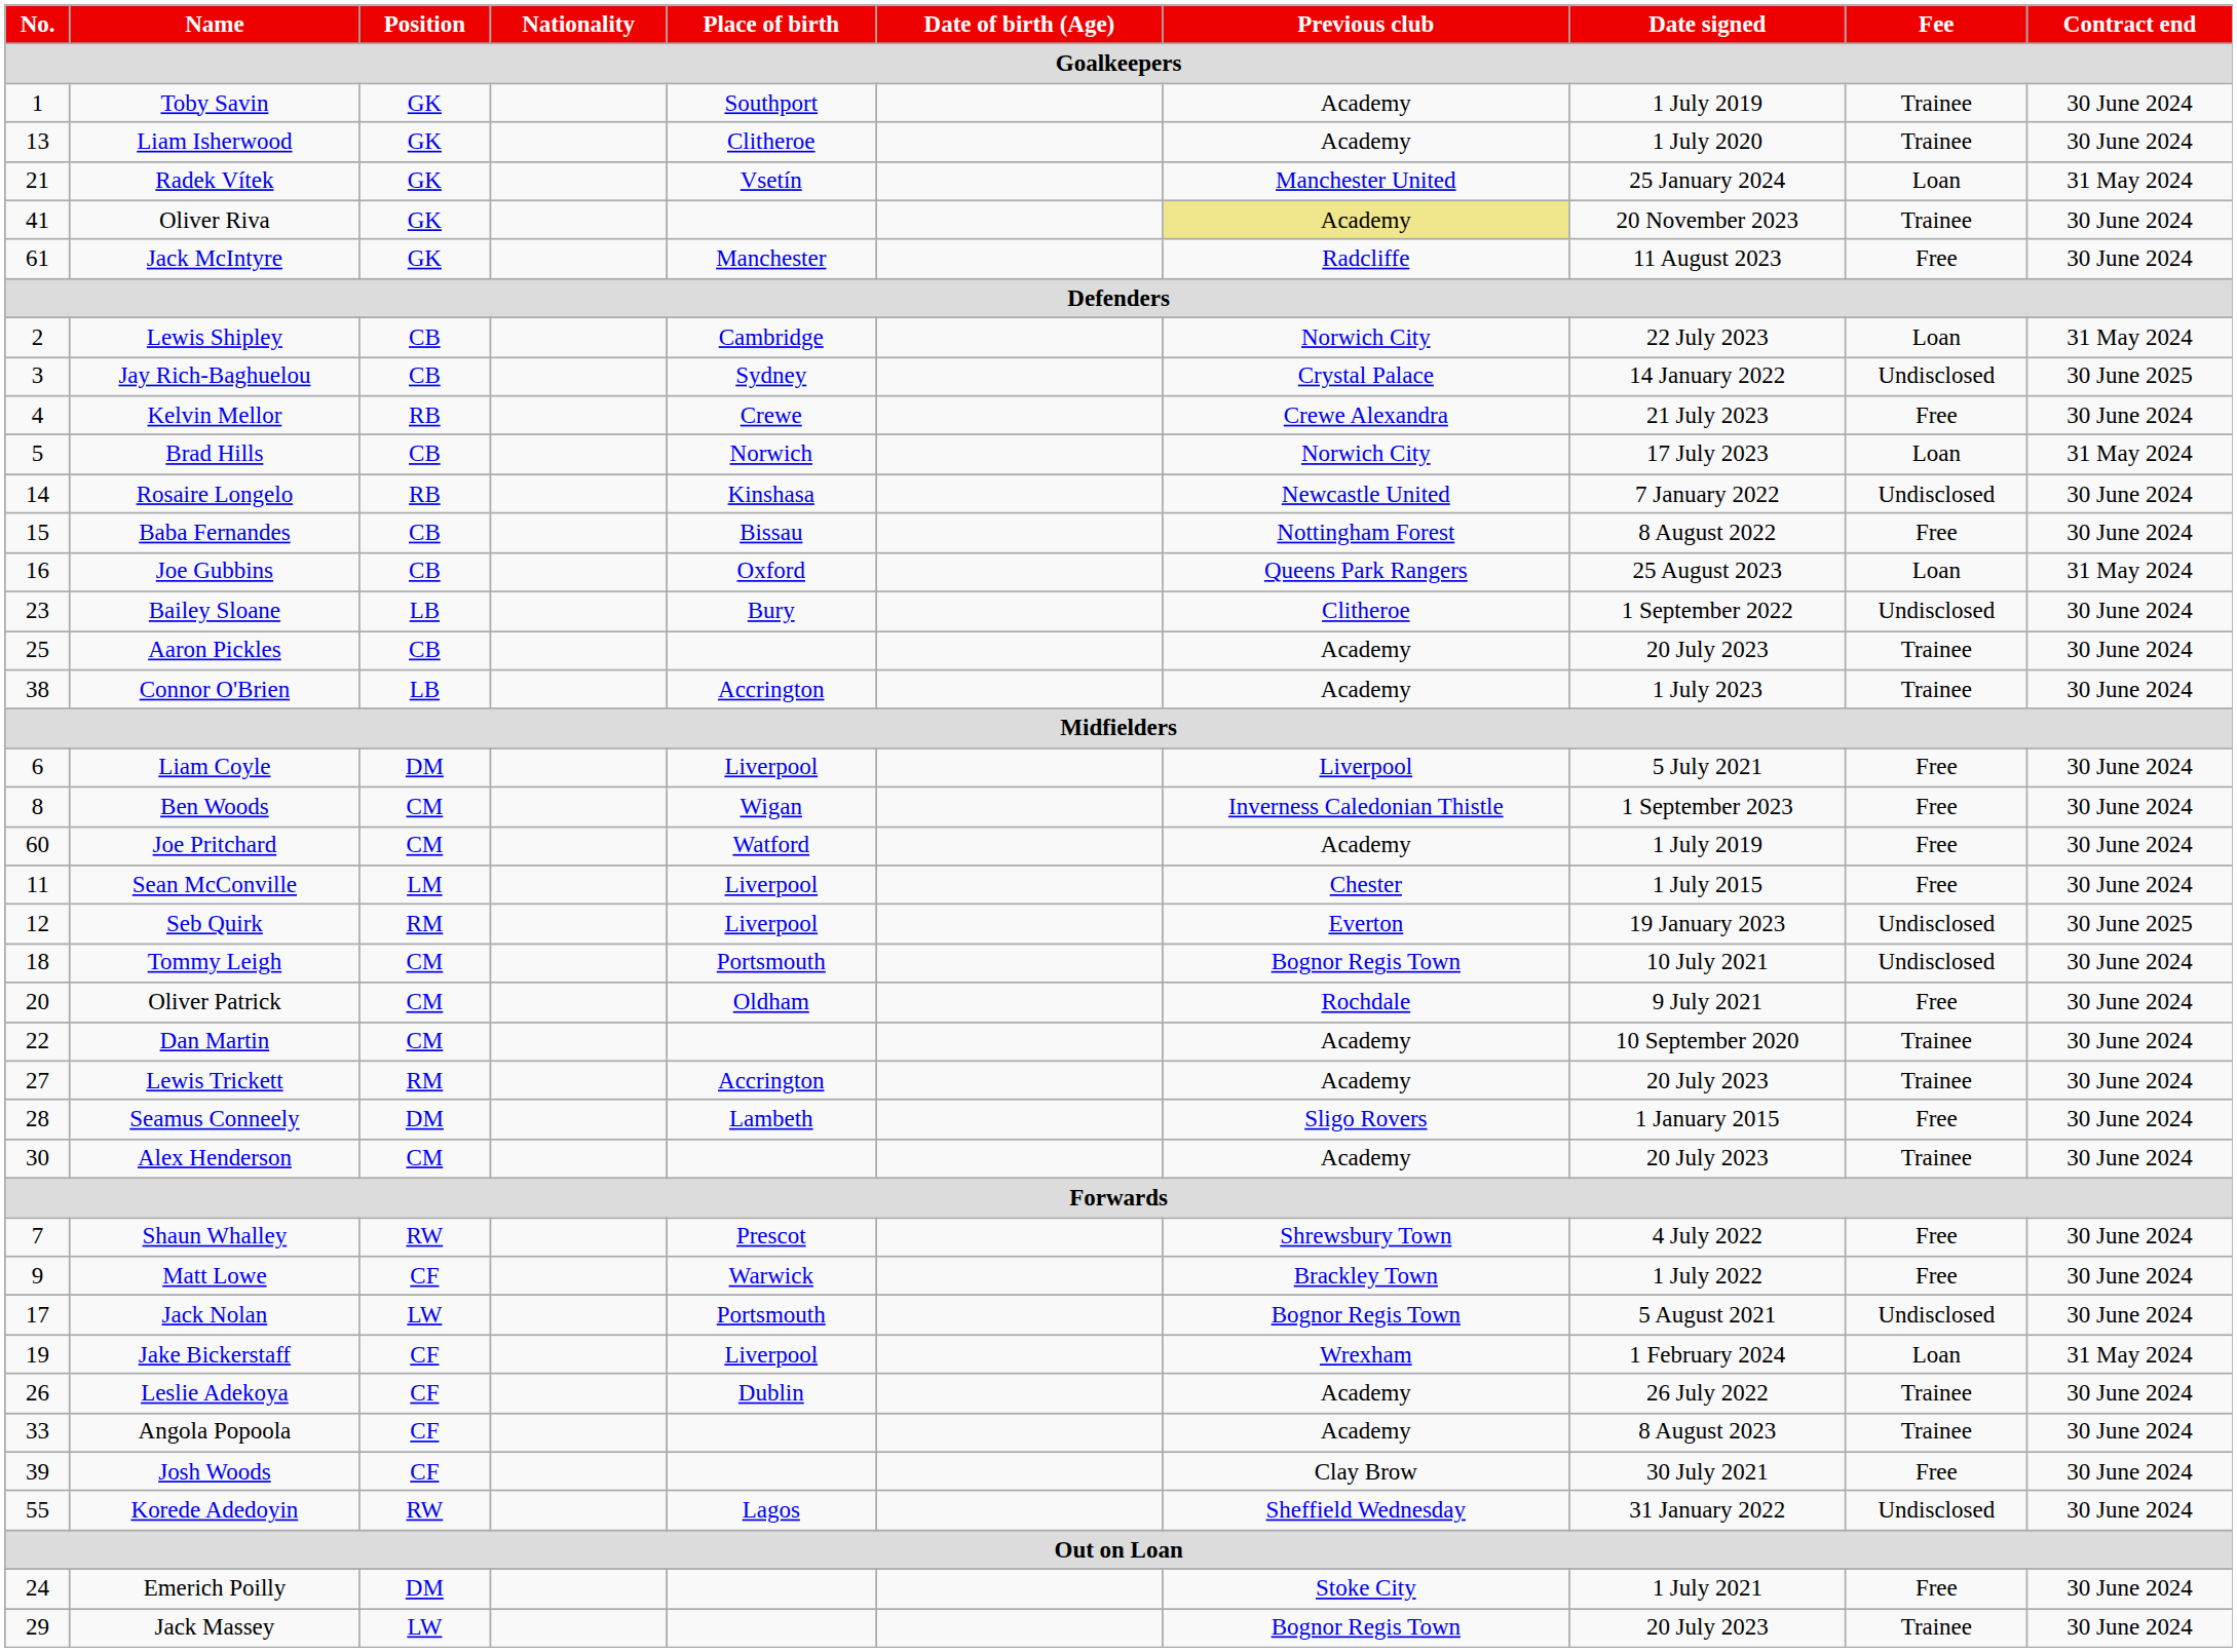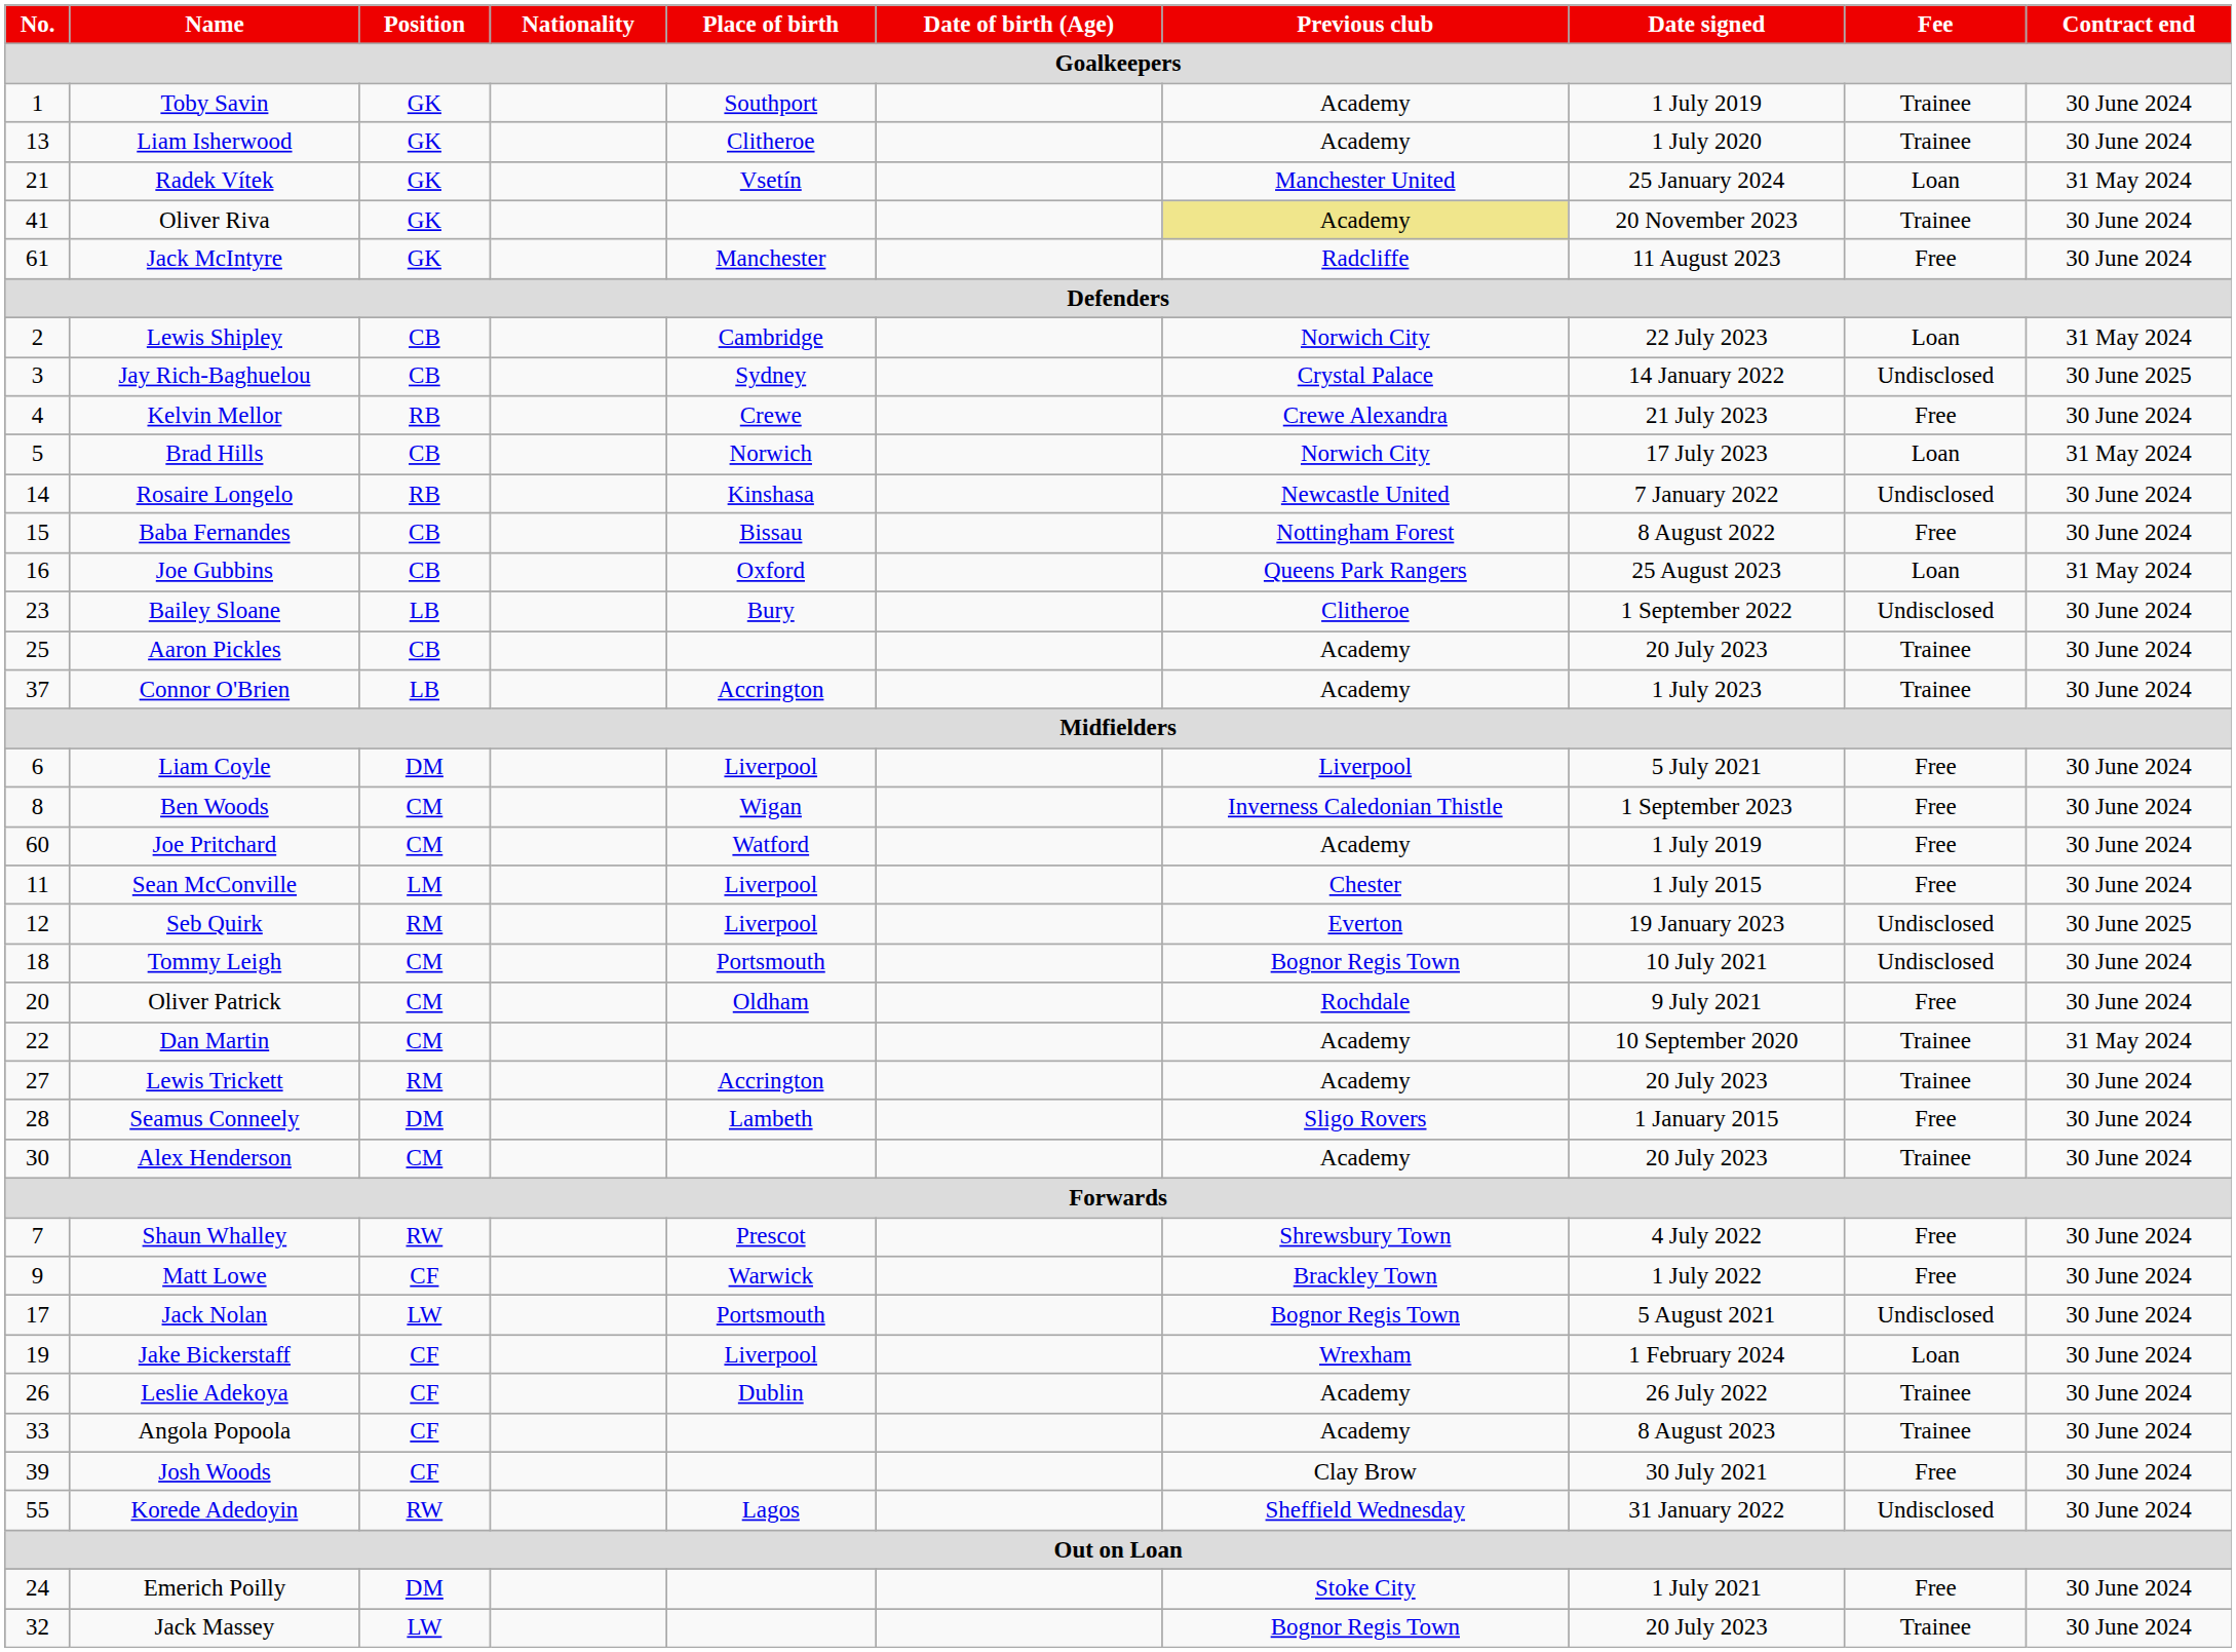 <table class="wikitable" style="text-align:center; font-size:84.5%; width:101%;">
 <tr>
 <th style="color:white; background:#E00; text-align:center;">No.</th>
 <th style="color:white; background:#E00; text-align:center;">Name</th>
 <th style="color:white; background:#E00; text-align:center;">Position</th>
 <th style="color:white; background:#E00; text-align:center;">Nationality</th>
 <th style="color:white; background:#E00; text-align:center;">Place of birth</th>
 <th style="color:white; background:#E00; text-align:center;">Date of birth (Age)</th>
 <th style="color:white; background:#E00; text-align:center;">Previous club</th>
 <th style="color:white; background:#E00; text-align:center;">Date signed</th>
 <th style="color:white; background:#E00; text-align:center;">Fee</th>
 <th style="color:white; background:#E00; text-align:center;">Contract end</th>
 </tr>
 <tr>
 <th colspan="14" style="background:#dcdcdc; tepxt-align:center;">Goalkeepers</th>
 </tr>
 <tr>
 <td>1</td>
 <td><a href='#'>Toby Savin</a></td>
 <td><a href='#'>GK</a></td>
 <td></td>
 <td><a href='#'>Southport</a></td>
 <td></td>
 <td>Academy</td>
 <td>1 July 2019</td>
 <td>Trainee</td>
 <td>30 June 2024</td>
 </tr>
 <tr>
 <td>13</td>
 <td><a href='#'>Liam Isherwood</a></td>
 <td><a href='#'>GK</a></td>
 <td></td>
 <td><a href='#'>Clitheroe</a></td>
 <td></td>
 <td>Academy</td>
 <td>1 July 2020</td>
 <td>Trainee</td>
 <td>30 June 2024</td>
 </tr>
 <tr>
 <td>21</td>
 <td><a href='#'>Radek Vítek</a></td>
 <td><a href='#'>GK</a></td>
 <td></td>
 <td><a href='#'>Vsetín</a></td>
 <td></td>
 <td><a href='#'>Manchester United</a></td>
 <td>25 January 2024</td>
 <td>Loan</td>
 <td>31 May 2024</td>
 </tr>
 <tr>
 <td>41</td>
 <td>Oliver Riva</td>
 <td><a href='#'>GK</a></td>
 <td></td>
 <td></td>
 <td></td>
 <td style="background: khaki;">Academy</td>
 <td>20 November 2023</td>
 <td>Trainee</td>
 <td>30 June 2024</td>
 </tr>
 <tr>
 <td>61</td>
 <td><a href='#'>Jack McIntyre</a></td>
 <td><a href='#'>GK</a></td>
 <td></td>
 <td><a href='#'>Manchester</a></td>
 <td></td>
 <td><a href='#'>Radcliffe</a></td>
 <td>11 August 2023</td>
 <td>Free</td>
 <td>30 June 2024</td>
 </tr>
 <tr>
 <th colspan="14" style="background:#dcdcdc; tepxt-align:center;">Defenders</th>
 </tr>
 <tr>
 <td>2</td>
 <td><a href='#'>Lewis Shipley</a></td>
 <td><a href='#'>CB</a></td>
 <td></td>
 <td><a href='#'>Cambridge</a></td>
 <td></td>
 <td><a href='#'>Norwich City</a></td>
 <td>22 July 2023</td>
 <td>Loan</td>
 <td>31 May 2024</td>
 </tr>
 <tr>
 <td>3</td>
 <td><a href='#'>Jay Rich-Baghuelou</a></td>
 <td><a href='#'>CB</a></td>
 <td></td>
 <td><a href='#'>Sydney</a></td>
 <td></td>
 <td><a href='#'>Crystal Palace</a></td>
 <td>14 January 2022</td>
 <td>Undisclosed</td>
 <td>30 June 2025</td>
 </tr>
 <tr>
 <td>4</td>
 <td><a href='#'>Kelvin Mellor</a></td>
 <td><a href='#'>RB</a></td>
 <td></td>
 <td><a href='#'>Crewe</a></td>
 <td></td>
 <td><a href='#'>Crewe Alexandra</a></td>
 <td>21 July 2023</td>
 <td>Free</td>
 <td>30 June 2024</td>
 </tr>
 <tr>
 <td>5</td>
 <td><a href='#'>Brad Hills</a></td>
 <td><a href='#'>CB</a></td>
 <td></td>
 <td><a href='#'>Norwich</a></td>
 <td></td>
 <td><a href='#'>Norwich City</a></td>
 <td>17 July 2023</td>
 <td>Loan</td>
 <td>31 May 2024</td>
 </tr>
 <tr>
 <td>14</td>
 <td><a href='#'>Rosaire Longelo</a></td>
 <td><a href='#'>RB</a></td>
 <td></td>
 <td> <a href='#'>Kinshasa</a></td>
 <td></td>
 <td><a href='#'>Newcastle United</a></td>
 <td>7 January 2022</td>
 <td>Undisclosed</td>
 <td>30 June 2024</td>
 </tr>
 <tr>
 <td>15</td>
 <td><a href='#'>Baba Fernandes</a></td>
 <td><a href='#'>CB</a></td>
 <td></td>
 <td><a href='#'>Bissau</a></td>
 <td></td>
 <td><a href='#'>Nottingham Forest</a></td>
 <td>8 August 2022</td>
 <td>Free</td>
 <td>30 June 2024</td>
 </tr>
 <tr>
 <td>16</td>
 <td><a href='#'>Joe Gubbins</a></td>
 <td><a href='#'>CB</a></td>
 <td></td>
 <td><a href='#'>Oxford</a></td>
 <td></td>
 <td><a href='#'>Queens Park Rangers</a></td>
 <td>25 August 2023</td>
 <td>Loan</td>
 <td>31 May 2024</td>
 </tr>
 <tr>
 <td>23</td>
 <td><a href='#'>Bailey Sloane</a></td>
 <td><a href='#'>LB</a></td>
 <td></td>
 <td><a href='#'>Bury</a></td>
 <td></td>
 <td><a href='#'>Clitheroe</a></td>
 <td>1 September 2022</td>
 <td>Undisclosed</td>
 <td>30 June 2024</td>
 </tr>
 <tr>
 <td>25</td>
 <td><a href='#'>Aaron Pickles</a></td>
 <td><a href='#'>CB</a></td>
 <td></td>
 <td></td>
 <td></td>
 <td>Academy</td>
 <td>20 July 2023</td>
 <td>Trainee</td>
 <td>30 June 2024</td>
 </tr>
 <tr>
-<td>38</td>
+<td>37</td>
 <td><a href='#'>Connor O'Brien</a></td>
 <td><a href='#'>LB</a></td>
 <td></td>
 <td><a href='#'>Accrington</a></td>
 <td></td>
 <td>Academy</td>
 <td>1 July 2023</td>
 <td>Trainee</td>
 <td>30 June 2024</td>
 </tr>
 <tr>
 <th colspan="14" style="background:#dcdcdc; tepxt-align:center;">Midfielders</th>
 </tr>
 <tr>
 <td>6</td>
 <td><a href='#'>Liam Coyle</a></td>
 <td><a href='#'>DM</a></td>
 <td></td>
 <td> <a href='#'>Liverpool</a></td>
 <td></td>
 <td><a href='#'>Liverpool</a></td>
 <td>5 July 2021</td>
 <td>Free</td>
 <td>30 June 2024</td>
 </tr>
 <tr>
 <td>8</td>
 <td><a href='#'>Ben Woods</a></td>
 <td><a href='#'>CM</a></td>
 <td></td>
 <td><a href='#'>Wigan</a></td>
 <td></td>
 <td> <a href='#'>Inverness Caledonian Thistle</a></td>
 <td>1 September 2023</td>
 <td>Free</td>
 <td>30 June 2024</td>
 </tr>
 <tr>
 <td>60</td>
 <td><a href='#'>Joe Pritchard</a></td>
 <td><a href='#'>CM</a></td>
 <td></td>
 <td><a href='#'>Watford</a></td>
 <td></td>
 <td>Academy</td>
 <td>1 July 2019</td>
 <td>Free</td>
 <td>30 June 2024</td>
 </tr>
 <tr>
 <td>11</td>
 <td><a href='#'>Sean McConville</a></td>
 <td><a href='#'>LM</a></td>
 <td></td>
 <td><a href='#'>Liverpool</a></td>
 <td></td>
 <td><a href='#'>Chester</a></td>
 <td>1 July 2015</td>
 <td>Free</td>
 <td>30 June 2024</td>
 </tr>
 <tr>
 <td>12</td>
 <td><a href='#'>Seb Quirk</a></td>
 <td><a href='#'>RM</a></td>
 <td></td>
 <td><a href='#'>Liverpool</a></td>
 <td></td>
 <td><a href='#'>Everton</a></td>
 <td>19 January 2023</td>
 <td>Undisclosed</td>
 <td>30 June 2025</td>
 </tr>
 <tr>
 <td>18</td>
 <td><a href='#'>Tommy Leigh</a></td>
 <td><a href='#'>CM</a></td>
 <td></td>
 <td><a href='#'>Portsmouth</a></td>
 <td></td>
 <td><a href='#'>Bognor Regis Town</a></td>
 <td>10 July 2021</td>
 <td>Undisclosed</td>
 <td>30 June 2024</td>
 </tr>
 <tr>
 <td>20</td>
 <td>Oliver Patrick</td>
 <td><a href='#'>CM</a></td>
 <td></td>
 <td><a href='#'>Oldham</a></td>
 <td></td>
 <td><a href='#'>Rochdale</a></td>
 <td>9 July 2021</td>
 <td>Free</td>
 <td>30 June 2024</td>
 </tr>
 <tr>
 <td>22</td>
 <td><a href='#'>Dan Martin</a></td>
 <td><a href='#'>CM</a></td>
 <td></td>
 <td></td>
 <td></td>
 <td>Academy</td>
 <td>10 September 2020</td>
 <td>Trainee</td>
-<td>30 June 2024</td>
+<td>31 May 2024</td>
 </tr>
 <tr>
 <td>27</td>
 <td><a href='#'>Lewis Trickett</a></td>
 <td><a href='#'>RM</a></td>
 <td></td>
 <td> <a href='#'>Accrington</a></td>
 <td></td>
 <td>Academy</td>
 <td>20 July 2023</td>
 <td>Trainee</td>
 <td>30 June 2024</td>
 </tr>
 <tr>
 <td>28</td>
 <td><a href='#'>Seamus Conneely</a></td>
 <td><a href='#'>DM</a></td>
 <td></td>
 <td> <a href='#'>Lambeth</a></td>
 <td></td>
 <td> <a href='#'>Sligo Rovers</a></td>
 <td>1 January 2015</td>
 <td>Free</td>
 <td>30 June 2024</td>
 </tr>
 <tr>
 <td>30</td>
 <td><a href='#'>Alex Henderson</a></td>
 <td><a href='#'>CM</a></td>
 <td></td>
 <td></td>
 <td></td>
 <td>Academy</td>
 <td>20 July 2023</td>
 <td>Trainee</td>
 <td>30 June 2024</td>
 </tr>
 <tr>
 <th colspan="14" style="background:#dcdcdc; tepxt-align:center;">Forwards</th>
 </tr>
 <tr>
 <td>7</td>
 <td><a href='#'>Shaun Whalley</a></td>
 <td><a href='#'>RW</a></td>
 <td></td>
 <td><a href='#'>Prescot</a></td>
 <td></td>
 <td><a href='#'>Shrewsbury Town</a></td>
 <td>4 July 2022</td>
 <td>Free</td>
 <td>30 June 2024</td>
 </tr>
 <tr>
 <td>9</td>
 <td><a href='#'>Matt Lowe</a></td>
 <td><a href='#'>CF</a></td>
 <td></td>
 <td><a href='#'>Warwick</a></td>
 <td></td>
 <td><a href='#'>Brackley Town</a></td>
 <td>1 July 2022</td>
 <td>Free</td>
 <td>30 June 2024</td>
 </tr>
 <tr>
 <td>17</td>
 <td><a href='#'>Jack Nolan</a></td>
 <td><a href='#'>LW</a></td>
 <td></td>
 <td><a href='#'>Portsmouth</a></td>
 <td></td>
 <td><a href='#'>Bognor Regis Town</a></td>
 <td>5 August 2021</td>
 <td>Undisclosed</td>
 <td>30 June 2024</td>
 </tr>
 <tr>
 <td>19</td>
 <td><a href='#'>Jake Bickerstaff</a></td>
 <td><a href='#'>CF</a></td>
 <td></td>
 <td> <a href='#'>Liverpool</a></td>
 <td></td>
 <td> <a href='#'>Wrexham</a></td>
 <td>1 February 2024</td>
 <td>Loan</td>
-<td>31 May 2024</td>
+<td>30 June 2024</td>
 </tr>
 <tr>
 <td>26</td>
 <td><a href='#'>Leslie Adekoya</a></td>
 <td><a href='#'>CF</a></td>
 <td></td>
 <td><a href='#'>Dublin</a></td>
 <td></td>
 <td>Academy</td>
 <td>26 July 2022</td>
 <td>Trainee</td>
 <td>30 June 2024</td>
 </tr>
 <tr>
 <td>33</td>
 <td>Angola Popoola</td>
 <td><a href='#'>CF</a></td>
 <td></td>
 <td></td>
 <td></td>
 <td>Academy</td>
 <td>8 August 2023</td>
 <td>Trainee</td>
 <td>30 June 2024</td>
 </tr>
 <tr>
 <td>39</td>
 <td><a href='#'>Josh Woods</a></td>
 <td><a href='#'>CF</a></td>
 <td></td>
 <td></td>
 <td></td>
 <td>Clay Brow</td>
 <td>30 July 2021</td>
 <td>Free</td>
 <td>30 June 2024</td>
 </tr>
 <tr>
 <td>55</td>
 <td><a href='#'>Korede Adedoyin</a></td>
 <td><a href='#'>RW</a></td>
 <td></td>
 <td><a href='#'>Lagos</a></td>
 <td></td>
 <td><a href='#'>Sheffield Wednesday</a></td>
 <td>31 January 2022</td>
 <td>Undisclosed</td>
 <td>30 June 2024</td>
 </tr>
 <tr>
 <th colspan="14" style="background:#dcdcdc; tepxt-align:center;">Out on Loan</th>
 </tr>
 <tr>
 <td>24</td>
 <td>Emerich Poilly</td>
 <td><a href='#'>DM</a></td>
 <td></td>
 <td></td>
 <td></td>
 <td><a href='#'>Stoke City</a></td>
 <td>1 July 2021</td>
 <td>Free</td>
 <td>30 June 2024</td>
 </tr>
 <tr>
-<td>29</td>
+<td>32</td>
 <td>Jack Massey</td>
 <td><a href='#'>LW</a></td>
 <td></td>
 <td></td>
 <td></td>
 <td><a href='#'>Bognor Regis Town</a></td>
 <td>20 July 2023</td>
 <td>Trainee</td>
 <td>30 June 2024</td>
 </tr>
 </table>
